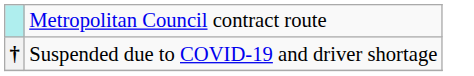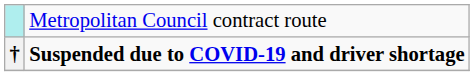 <table class="wikitable collapsible">
 <tr>
 <th style="background-color:PaleTurquoise"></th>
 <td><a href='#'>Metropolitan Council</a> contract route</td>
 </tr>
 <tr>
 <th>†</th>
-<td>Suspended due to <a href='#'>COVID-19</a> and driver shortage</td>
+<td><strong>Suspended due to <a href='#'>COVID-19</a> and driver shortage</strong></td>
 </tr>
 <tr>
 </tr>
 </table>
